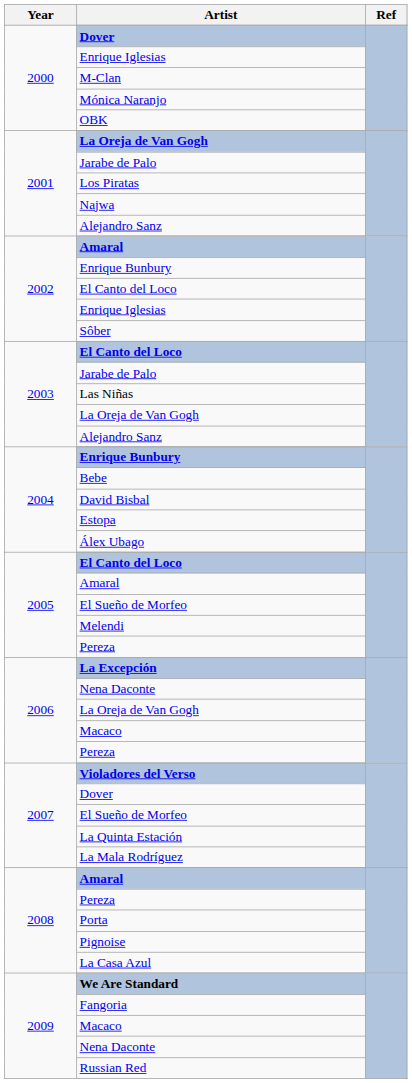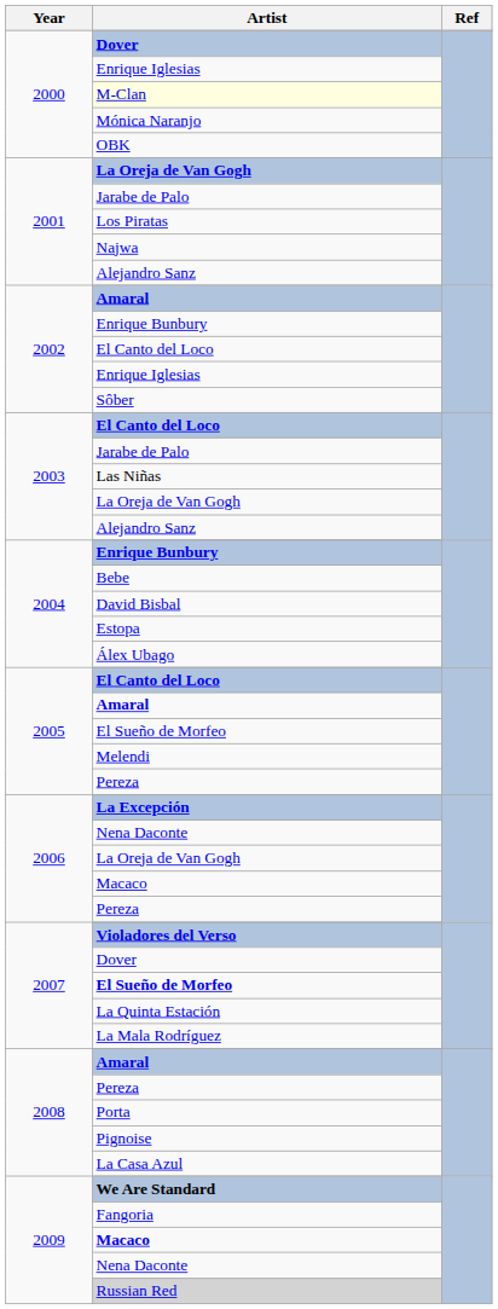 <table class="wikitable" style="width:55%;">
 <tr style="background:#bebebe;">
 <th style="width:10%;">Year</th>
 <th style="width:40%;">Artist</th>
 <th style="width:5%;">Ref</th>
 </tr>
 <tr>
 <td rowspan="6" align="center"><a href='#'>2000</a></td>
 </tr>
 <tr style="background:#B0C4DE">
 <td><strong><a href='#'>Dover</a></strong></td>
 <td rowspan="6" align="center"></td>
 </tr>
 <tr>
 <td><a href='#'>Enrique Iglesias</a></td>
 </tr>
 <tr>
-<td><a href='#'>M-Clan</a></td>
+<td style="background: lightyellow;"><a href='#'>M-Clan</a></td>
 </tr>
 <tr>
 <td><a href='#'>Mónica Naranjo</a></td>
 </tr>
 <tr>
 <td><a href='#'>OBK</a></td>
 </tr>
 <tr>
 <td rowspan="6" align="center"><a href='#'>2001</a></td>
 </tr>
 <tr style="background:#B0C4DE">
 <td><strong><a href='#'>La Oreja de Van Gogh</a></strong></td>
 <td rowspan="6" align="center"></td>
 </tr>
 <tr>
 <td><a href='#'>Jarabe de Palo</a></td>
 </tr>
 <tr>
 <td><a href='#'>Los Piratas</a></td>
 </tr>
 <tr>
 <td><a href='#'>Najwa</a></td>
 </tr>
 <tr>
 <td><a href='#'>Alejandro Sanz</a></td>
 </tr>
 <tr>
 <td rowspan="6" align="center"><a href='#'>2002</a></td>
 </tr>
 <tr style="background:#B0C4DE">
 <td><strong><a href='#'>Amaral</a></strong></td>
 <td rowspan="6" align="center"></td>
 </tr>
 <tr>
 <td><a href='#'>Enrique Bunbury</a></td>
 </tr>
 <tr>
 <td><a href='#'>El Canto del Loco</a></td>
 </tr>
 <tr>
 <td><a href='#'>Enrique Iglesias</a></td>
 </tr>
 <tr>
 <td><a href='#'>Sôber</a></td>
 </tr>
 <tr>
 <td rowspan="6" align="center"><a href='#'>2003</a></td>
 </tr>
 <tr style="background:#B0C4DE">
 <td><strong><a href='#'>El Canto del Loco</a></strong></td>
 <td rowspan="6" align="center"></td>
 </tr>
 <tr>
 <td><a href='#'>Jarabe de Palo</a></td>
 </tr>
 <tr>
 <td>Las Niñas</td>
 </tr>
 <tr>
 <td><a href='#'>La Oreja de Van Gogh</a></td>
 </tr>
 <tr>
 <td><a href='#'>Alejandro Sanz</a></td>
 </tr>
 <tr>
 <td rowspan="6" align="center"><a href='#'>2004</a></td>
 </tr>
 <tr style="background:#B0C4DE">
 <td><strong><a href='#'>Enrique Bunbury</a></strong></td>
 <td rowspan="6" align="center"></td>
 </tr>
 <tr>
 <td><a href='#'>Bebe</a></td>
 </tr>
 <tr>
 <td><a href='#'>David Bisbal</a></td>
 </tr>
 <tr>
 <td><a href='#'>Estopa</a></td>
 </tr>
 <tr>
 <td><a href='#'>Álex Ubago</a></td>
 </tr>
 <tr>
 <td rowspan="6" align="center"><a href='#'>2005</a></td>
 </tr>
 <tr style="background:#B0C4DE">
 <td><strong><a href='#'>El Canto del Loco</a></strong></td>
 <td rowspan="6" align="center"></td>
 </tr>
 <tr>
-<td><a href='#'>Amaral</a></td>
+<td><strong><a href='#'>Amaral</a></strong></td>
 </tr>
 <tr>
 <td><a href='#'>El Sueño de Morfeo</a></td>
 </tr>
 <tr>
 <td><a href='#'>Melendi</a></td>
 </tr>
 <tr>
 <td><a href='#'>Pereza</a></td>
 </tr>
 <tr>
 <td rowspan="6" align="center"><a href='#'>2006</a></td>
 </tr>
 <tr style="background:#B0C4DE">
 <td><strong><a href='#'>La Excepción</a></strong></td>
 <td rowspan="6" align="center"></td>
 </tr>
 <tr>
 <td><a href='#'>Nena Daconte</a></td>
 </tr>
 <tr>
 <td><a href='#'>La Oreja de Van Gogh</a></td>
 </tr>
 <tr>
 <td><a href='#'>Macaco</a></td>
 </tr>
 <tr>
 <td><a href='#'>Pereza</a></td>
 </tr>
 <tr>
 <td rowspan="6" align="center"><a href='#'>2007</a></td>
 </tr>
 <tr style="background:#B0C4DE">
 <td><strong><a href='#'>Violadores del Verso</a></strong></td>
 <td rowspan="6" align="center"></td>
 </tr>
 <tr>
 <td><a href='#'>Dover</a></td>
 </tr>
 <tr>
-<td><a href='#'>El Sueño de Morfeo</a></td>
+<td><strong><a href='#'>El Sueño de Morfeo</a></strong></td>
 </tr>
 <tr>
 <td><a href='#'>La Quinta Estación</a></td>
 </tr>
 <tr>
 <td><a href='#'>La Mala Rodríguez</a></td>
 </tr>
 <tr>
 <td rowspan="6" align="center"><a href='#'>2008</a></td>
 </tr>
 <tr style="background:#B0C4DE">
 <td><strong><a href='#'>Amaral</a></strong></td>
 <td rowspan="6" align="center"></td>
 </tr>
 <tr>
 <td><a href='#'>Pereza</a></td>
 </tr>
 <tr>
 <td><a href='#'>Porta</a></td>
 </tr>
 <tr>
 <td><a href='#'>Pignoise</a></td>
 </tr>
 <tr>
 <td><a href='#'>La Casa Azul</a></td>
 </tr>
 <tr>
 <td rowspan="6" align="center"><a href='#'>2009</a></td>
 </tr>
 <tr style="background:#B0C4DE">
 <td><strong>We Are Standard</strong></td>
 <td rowspan="6" align="center"></td>
 </tr>
 <tr>
 <td><a href='#'>Fangoria</a></td>
 </tr>
 <tr>
-<td><a href='#'>Macaco</a></td>
+<td><strong><a href='#'>Macaco</a></strong></td>
 </tr>
 <tr>
 <td><a href='#'>Nena Daconte</a></td>
 </tr>
 <tr>
-<td><a href='#'>Russian Red</a></td>
+<td style="background: lightgrey;"><a href='#'>Russian Red</a></td>
 </tr>
 </table>
